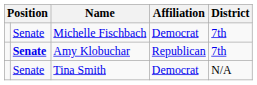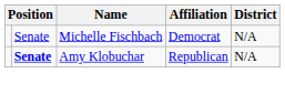 <table class="wikitable">
 <tr>
 <th colspan="2">Position</th>
 <th>Name</th>
 <th>Affiliation</th>
 <th>District</th>
 </tr>
 <tr>
 <td style="background-color:"></td>
 <td><a href='#'>Senate</a></td>
 <td><a href='#'>Michelle Fischbach</a></td>
 <td><a href='#'>Democrat</a></td>
-<td><a href='#'>7th</a></td>
+<td>N/A</td>
 </tr>
 <tr>
 <td style="background-color:"></td>
 <td><strong><a href='#'>Senate</a></strong></td>
 <td><a href='#'>Amy Klobuchar</a></td>
 <td><a href='#'>Republican</a></td>
-<td><a href='#'>7th</a></td>
-</tr>
-<tr>
-<td style="background-color:"></td>
-<td><a href='#'>Senate</a></td>
-<td><a href='#'>Tina Smith</a></td>
-<td><a href='#'>Democrat</a></td>
 <td>N/A</td>
 </tr>
 </table>
